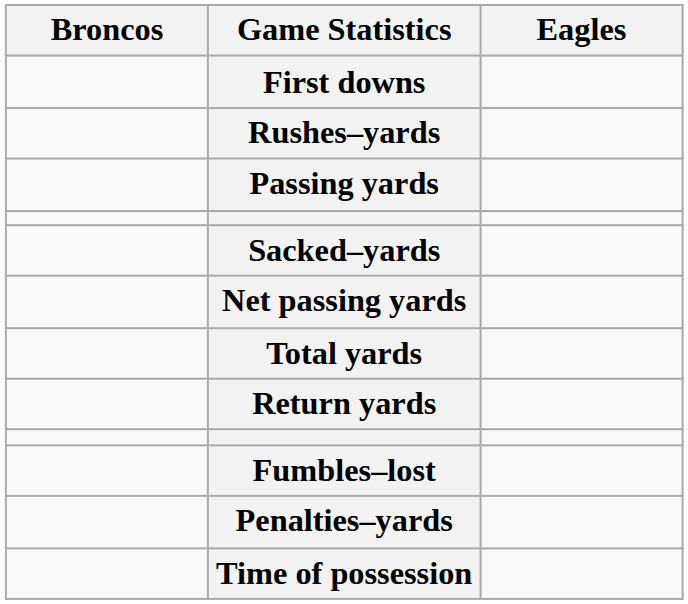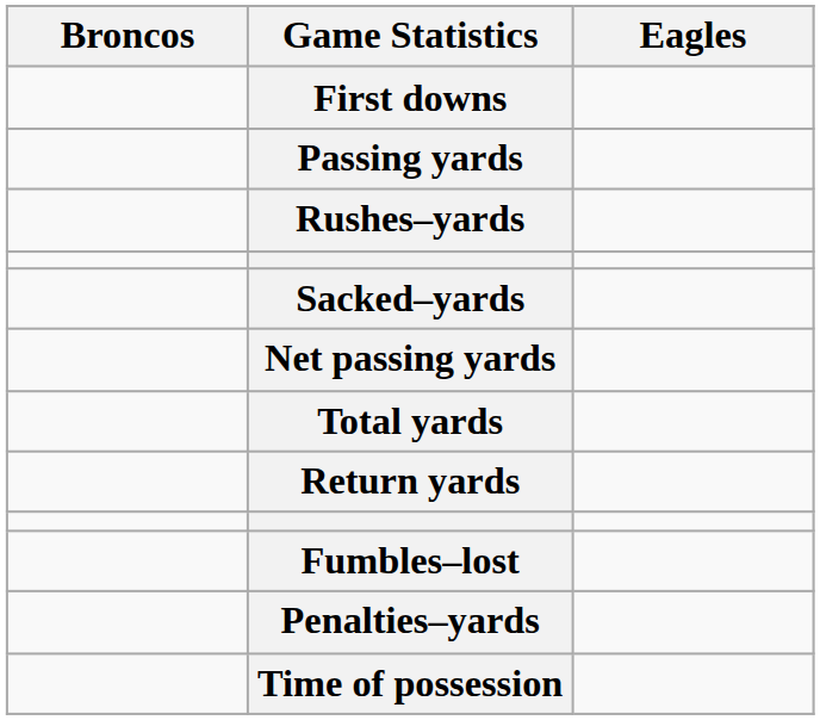 <table class="wikitable" style="margin: 1em auto 1em auto">
 <tr>
 <th style="width:30%;">Broncos</th>
 <th style="width:40%;">Game Statistics</th>
 <th style="width:30%;">Eagles</th>
 </tr>
 <tr>
 <td style="text-align:right;"></td>
 <th>First downs</th>
 <td></td>
 </tr>
 <tr>
 <td style="text-align:right;"></td>
-<th>Rushes–yards</th>
+<th>Passing yards</th>
 <td></td>
 </tr>
 <tr>
 <td style="text-align:right;"></td>
-<th>Passing yards</th>
+<th>Rushes–yards</th>
 <td></td>
 </tr>
 <tr>
 <td style="text-align:right;"></td>
 <th></th>
 <td></td>
 </tr>
 <tr>
 <td style="text-align:right;"></td>
 <th>Sacked–yards</th>
 <td></td>
 </tr>
 <tr>
 <td style="text-align:right;"></td>
 <th>Net passing yards</th>
 <td></td>
 </tr>
 <tr>
 <td style="text-align:right;"></td>
 <th>Total yards</th>
 <td></td>
 </tr>
 <tr>
 <td style="text-align:right;"></td>
 <th>Return yards</th>
 <td></td>
 </tr>
 <tr>
 <td style="text-align:right;"></td>
 <th></th>
 <td></td>
 </tr>
 <tr>
 <td style="text-align:right;"></td>
 <th>Fumbles–lost</th>
 <td></td>
 </tr>
 <tr>
 <td style="text-align:right;"></td>
 <th>Penalties–yards</th>
 <td></td>
 </tr>
 <tr>
 <td style="text-align:right;"></td>
 <th>Time of possession</th>
 <td></td>
 </tr>
 </table>
